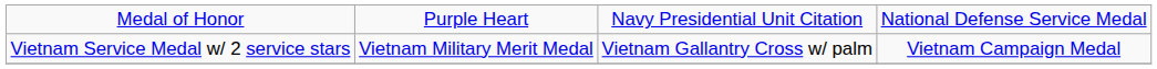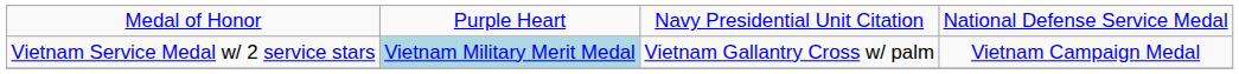 <table class="wikitable" style="margin:1em auto; text-align:center;">
 <tr>
 <td><a href='#'>Medal of Honor</a></td>
 <td><a href='#'>Purple Heart</a></td>
 <td><a href='#'>Navy Presidential Unit Citation</a></td>
 <td><a href='#'>National Defense Service Medal</a></td>
 </tr>
 <tr>
 <td><a href='#'>Vietnam Service Medal</a> w/ 2 <a href='#'>service stars</a></td>
-<td><a href='#'>Vietnam Military Merit Medal</a></td>
+<td style="background: lightblue;"><a href='#'>Vietnam Military Merit Medal</a></td>
 <td><a href='#'>Vietnam Gallantry Cross</a> w/ palm</td>
 <td><a href='#'>Vietnam Campaign Medal</a></td>
 </tr>
 <tr>
 </tr>
 </table>
